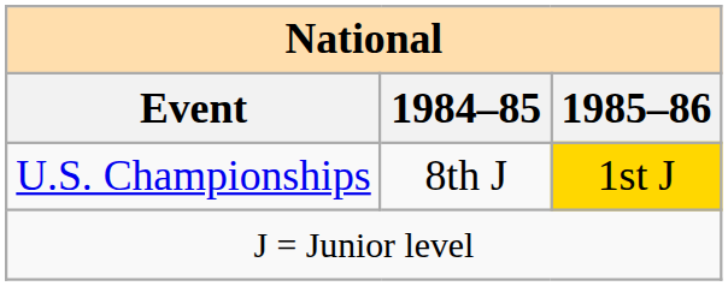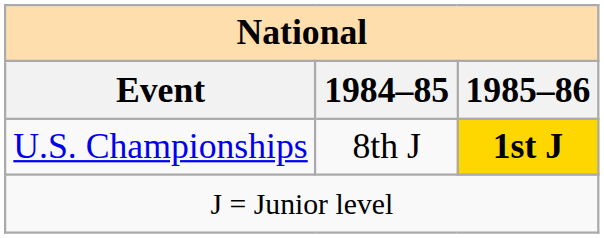 <table class="wikitable" style="text-align:center">
 <tr>
 <th style="background-color: #ffdead; " colspan=3 align=center>National</th>
 </tr>
 <tr>
 <th>Event</th>
 <th>1984–85</th>
 <th>1985–86</th>
 </tr>
 <tr>
 <td align=left><a href='#'>U.S. Championships</a></td>
 <td>8th J</td>
-<td bgcolor=gold>1st J</td>
+<td bgcolor=gold><strong>1st J</strong></td>
 </tr>
 <tr>
 <td colspan=3 align=center><small> J = Junior level </small></td>
 </tr>
 </table>
